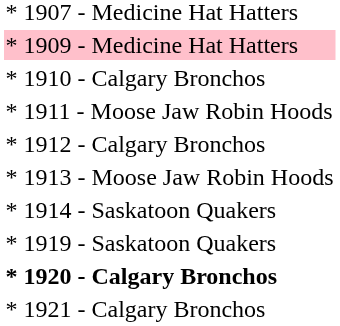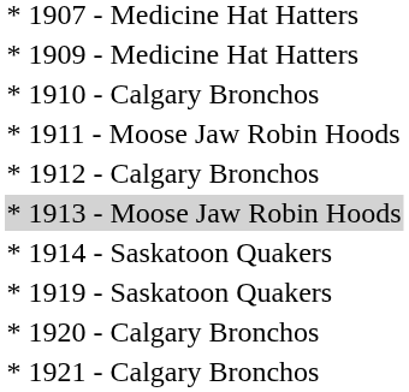 <table>
 <tr>
 <td>* 1907 - Medicine Hat Hatters</td>
 </tr>
 <tr>
-<td style="background: pink;">* 1909 - Medicine Hat Hatters</td>
+<td>* 1909 - Medicine Hat Hatters</td>
 </tr>
 <tr>
 <td>* 1910 - Calgary Bronchos</td>
 </tr>
 <tr>
 <td>* 1911 - Moose Jaw Robin Hoods</td>
 </tr>
 <tr>
 <td>* 1912 - Calgary Bronchos</td>
 </tr>
 <tr>
-<td>* 1913 - Moose Jaw Robin Hoods</td>
+<td style="background: lightgrey;">* 1913 - Moose Jaw Robin Hoods</td>
 </tr>
 <tr>
 <td>* 1914 - Saskatoon Quakers</td>
 </tr>
 <tr>
 <td>* 1919 - Saskatoon Quakers</td>
 </tr>
 <tr>
-<td><strong>* 1920 - Calgary Bronchos</strong></td>
+<td>* 1920 - Calgary Bronchos</td>
 </tr>
 <tr>
 <td>* 1921 - Calgary Bronchos</td>
 </tr>
 <tr>
 </tr>
 </table>
